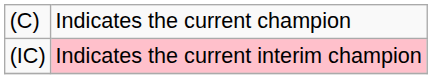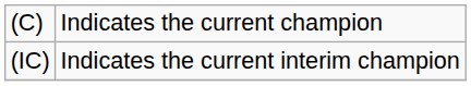 <table class="wikitable">
 <tr>
 <td>(C)</td>
 <td>Indicates the current champion</td>
 </tr>
 <tr>
 <td>(IC)</td>
-<td style="background: pink;">Indicates the current interim champion</td>
+<td>Indicates the current interim champion</td>
 </tr>
 <tr>
 </tr>
 </table>
